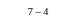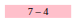 <table style="text-align:center">
 <tr>
 <th width=200></th>
 <th width=100></th>
 <th width=200></th>
 </tr>
 <tr>
 <td align=right><strong></strong></td>
-<td>7 – 4</td>
+<td style="background: pink;">7 – 4</td>
 <td align=left></td>
 </tr>
 </table>
